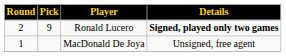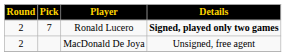 <table class="wikitable sortable sortable">
 <tr>
 <th style="background:#000000; color:#FFD500; ">Round</th>
 <th style="background:#000000; color:#FFD500; ">Pick</th>
 <th style="background:#000000; color:#FFD500; ">Player</th>
 <th style="background:#000000; color:#FFD500; ">Details</th>
 </tr>
 <tr style="text-align: center">
 <td>2</td>
-<td>9</td>
+<td>7</td>
 <td>Ronald Lucero</td>
 <td><strong>Signed, played only two games</strong></td>
 </tr>
 <tr style="text-align: center">
-<td>1</td>
+<td>2</td>
 <td></td>
 <td>MacDonald De Joya</td>
 <td>Unsigned, free agent</td>
 </tr>
 <tr>
 </tr>
 </table>
